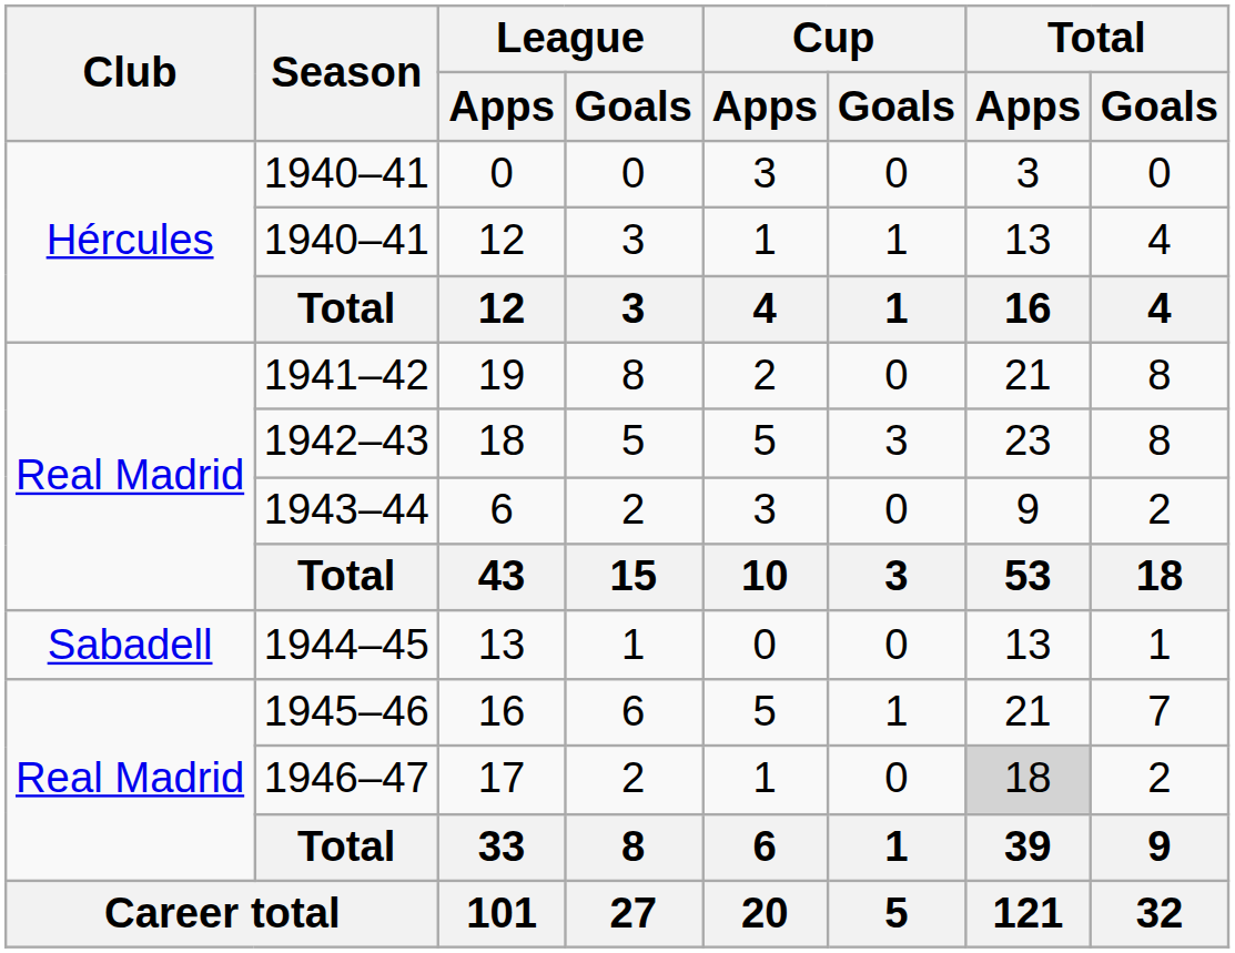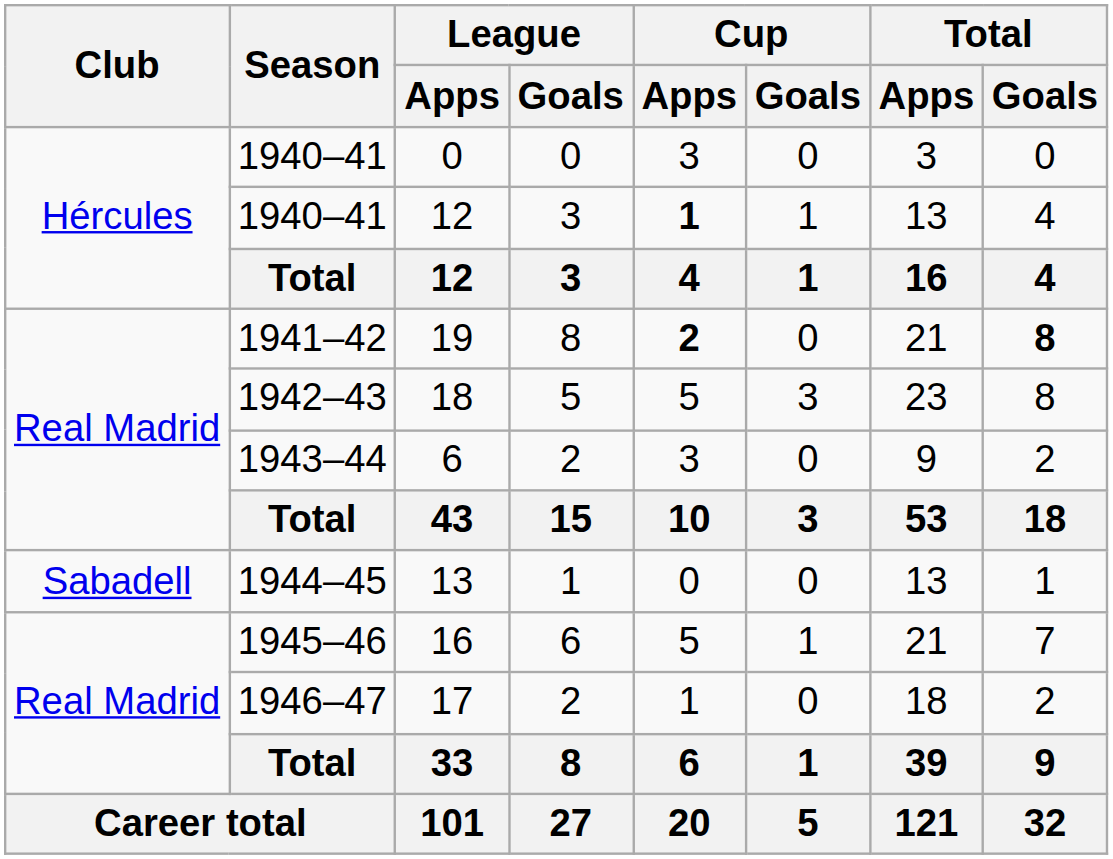 <table class="wikitable" style="text-align: center">
 <tr>
 <th rowspan="2">Club</th>
 <th rowspan="2">Season</th>
 <th colspan="2">League</th>
 <th colspan="2">Cup</th>
 <th colspan="2">Total</th>
 </tr>
 <tr>
 <th>Apps</th>
 <th>Goals</th>
 <th>Apps</th>
 <th>Goals</th>
 <th>Apps</th>
 <th>Goals</th>
 </tr>
 <tr>
 <td rowspan="3"><a href='#'>Hércules</a></td>
 <td>1940–41</td>
 <td>0</td>
 <td>0</td>
 <td>3</td>
 <td>0</td>
 <td>3</td>
 <td>0</td>
 </tr>
 <tr>
 <td>1940–41</td>
 <td>12</td>
 <td>3</td>
-<td>1</td>
+<td><strong>1</strong></td>
 <td>1</td>
 <td>13</td>
 <td>4</td>
 </tr>
 <tr>
 <th>Total</th>
 <th>12</th>
 <th>3</th>
 <th>4</th>
 <th>1</th>
 <th>16</th>
 <th>4</th>
 </tr>
 <tr>
 <td rowspan="4"><a href='#'>Real Madrid</a></td>
 <td>1941–42</td>
 <td>19</td>
 <td>8</td>
-<td>2</td>
+<td><strong>2</strong></td>
 <td>0</td>
 <td>21</td>
-<td>8</td>
+<td><strong>8</strong></td>
 </tr>
 <tr>
 <td>1942–43</td>
 <td>18</td>
 <td>5</td>
 <td>5</td>
 <td>3</td>
 <td>23</td>
 <td>8</td>
 </tr>
 <tr>
 <td>1943–44</td>
 <td>6</td>
 <td>2</td>
 <td>3</td>
 <td>0</td>
 <td>9</td>
 <td>2</td>
 </tr>
 <tr>
 <th>Total</th>
 <th>43</th>
 <th>15</th>
 <th>10</th>
 <th>3</th>
 <th>53</th>
 <th>18</th>
 </tr>
 <tr>
 <td><a href='#'>Sabadell</a></td>
 <td>1944–45</td>
 <td>13</td>
 <td>1</td>
 <td>0</td>
 <td>0</td>
 <td>13</td>
 <td>1</td>
 </tr>
 <tr>
 <td rowspan="3"><a href='#'>Real Madrid</a></td>
 <td>1945–46</td>
 <td>16</td>
 <td>6</td>
 <td>5</td>
 <td>1</td>
 <td>21</td>
 <td>7</td>
 </tr>
 <tr>
 <td>1946–47</td>
 <td>17</td>
 <td>2</td>
 <td>1</td>
 <td>0</td>
-<td style="background: lightgrey;">18</td>
+<td>18</td>
 <td>2</td>
 </tr>
 <tr>
 <th>Total</th>
 <th>33</th>
 <th>8</th>
 <th>6</th>
 <th>1</th>
 <th>39</th>
 <th>9</th>
 </tr>
 <tr>
 <th colspan="2">Career total</th>
 <th>101</th>
 <th>27</th>
 <th>20</th>
 <th>5</th>
 <th>121</th>
 <th>32</th>
 </tr>
 </table>
